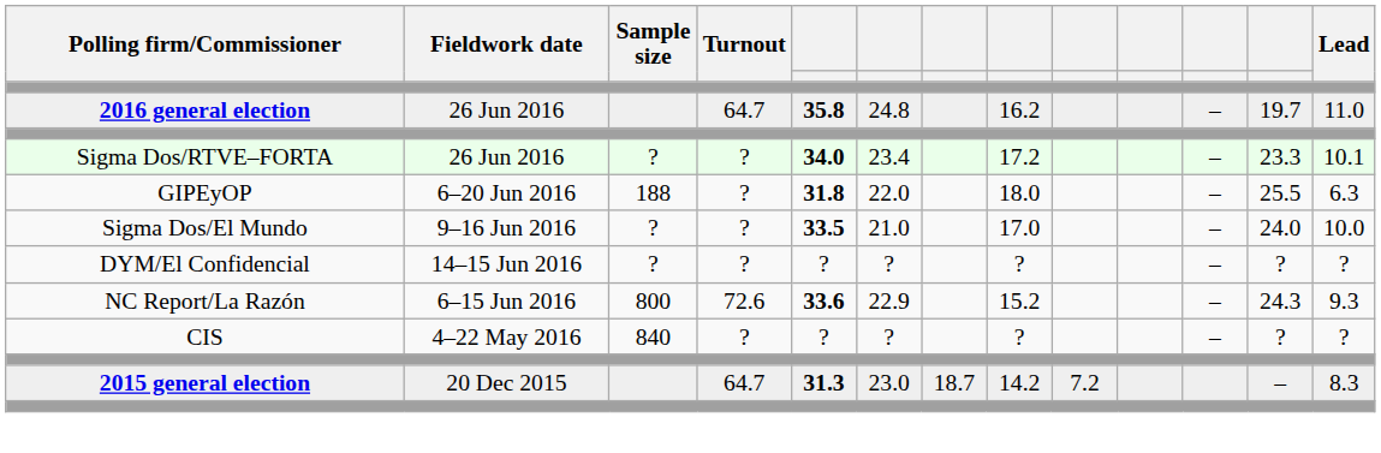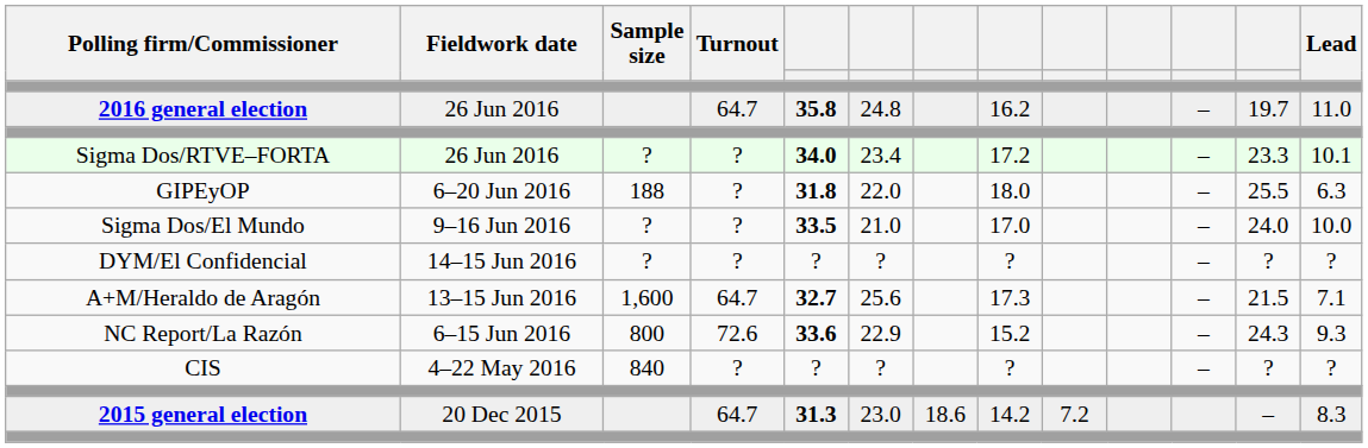 <table class="wikitable collapsible collapsed" style="text-align:center; font-size:95%; line-height:16px;">
 <tr style="height:42px; background-color:#E9E9E9">
 <th style="width:250px;" rowspan="2">Polling firm/Commissioner</th>
 <th style="width:125px;" rowspan="2">Fieldwork date</th>
 <th style="width:50px;" rowspan="2">Sample size</th>
 <th style="width:45px;" rowspan="2">Turnout</th>
 <th style="width:35px;"></th>
 <th style="width:35px;"></th>
 <th style="width:35px;"></th>
 <th style="width:35px;"></th>
 <th style="width:35px;"></th>
 <th style="width:35px;"></th>
 <th style="width:35px;"></th>
 <th style="width:35px;"></th>
 <th style="width:30px;" rowspan="2">Lead</th>
 </tr>
 <tr>
 <th style="color:inherit;background:"></th>
 <th style="color:inherit;background:"></th>
 <th style="color:inherit;background:"></th>
 <th style="color:inherit;background:"></th>
 <th style="color:inherit;background:"></th>
 <th style="color:inherit;background:"></th>
 <th style="color:inherit;background:"></th>
 <th style="color:inherit;background:"></th>
 </tr>
 <tr>
 <td colspan="13" style="background:#A0A0A0"></td>
 </tr>
 <tr style="background:#EFEFEF;">
 <td><strong><a href='#'>2016 general election</a></strong></td>
 <td>26 Jun 2016</td>
 <td></td>
 <td>64.7</td>
 <td><strong>35.8</strong><br></td>
 <td>24.8<br></td>
 <td></td>
 <td>16.2<br></td>
 <td></td>
 <td></td>
 <td>–</td>
 <td>19.7<br></td>
 <td style="background:">11.0</td>
 </tr>
 <tr>
 <td colspan="13" style="background:#A0A0A0"></td>
 </tr>
 <tr style="background:#EAFFEA;">
 <td>Sigma Dos/RTVE–FORTA</td>
 <td>26 Jun 2016</td>
 <td>?</td>
 <td>?</td>
 <td><strong>34.0</strong><br></td>
 <td>23.4<br></td>
 <td></td>
 <td>17.2<br></td>
 <td></td>
 <td></td>
 <td>–</td>
 <td>23.3<br></td>
 <td style="background:">10.1</td>
 </tr>
 <tr>
 <td>GIPEyOP</td>
 <td>6–20 Jun 2016</td>
 <td>188</td>
 <td>?</td>
 <td><strong>31.8</strong><br></td>
 <td>22.0<br></td>
 <td></td>
 <td>18.0<br></td>
 <td></td>
 <td></td>
 <td>–</td>
 <td>25.5<br></td>
 <td style="background:">6.3</td>
 </tr>
 <tr>
 <td>Sigma Dos/El Mundo</td>
 <td>9–16 Jun 2016</td>
 <td>?</td>
 <td>?</td>
 <td><strong>33.5</strong><br></td>
 <td>21.0<br></td>
 <td></td>
 <td>17.0<br></td>
 <td></td>
 <td></td>
 <td>–</td>
 <td>24.0<br></td>
 <td style="background:">10.0</td>
 </tr>
 <tr>
 <td>DYM/El Confidencial</td>
 <td>14–15 Jun 2016</td>
 <td>?</td>
 <td>?</td>
 <td>?<br></td>
 <td>?<br></td>
 <td></td>
 <td>?<br></td>
 <td></td>
 <td></td>
 <td>–</td>
 <td>?<br></td>
 <td style="background:">?</td>
 </tr>
 <tr>
+<td>A+M/Heraldo de Aragón</td>
+<td>13–15 Jun 2016</td>
+<td>1,600</td>
+<td>64.7</td>
+<td><strong>32.7</strong><br></td>
+<td>25.6<br></td>
+<td></td>
+<td>17.3<br></td>
+<td></td>
+<td></td>
+<td>–</td>
+<td>21.5<br></td>
+<td style="background:">7.1</td>
+</tr>
+<tr>
 <td>NC Report/La Razón</td>
 <td>6–15 Jun 2016</td>
 <td>800</td>
 <td>72.6</td>
 <td><strong>33.6</strong><br></td>
 <td>22.9<br></td>
 <td></td>
 <td>15.2<br></td>
 <td></td>
 <td></td>
 <td>–</td>
 <td>24.3<br></td>
 <td style="background:">9.3</td>
 </tr>
 <tr>
 <td>CIS</td>
 <td>4–22 May 2016</td>
 <td>840</td>
 <td>?</td>
 <td>?<br></td>
 <td>?<br></td>
 <td></td>
 <td>?<br></td>
 <td></td>
 <td></td>
 <td>–</td>
 <td>?<br></td>
 <td style="background:">?</td>
 </tr>
 <tr>
 <td colspan="13" style="background:#A0A0A0"></td>
 </tr>
 <tr style="background:#EFEFEF;">
 <td><strong><a href='#'>2015 general election</a></strong></td>
 <td>20 Dec 2015</td>
 <td></td>
 <td>64.7</td>
 <td><strong>31.3</strong><br></td>
 <td>23.0<br></td>
-<td>18.7<br></td>
+<td>18.6<br></td>
 <td>14.2<br></td>
 <td>7.2<br></td>
 <td></td>
 <td></td>
 <td>–</td>
 <td style="background:">8.3</td>
 </tr>
 <tr>
 <td colspan="13" style="background:#A0A0A0"></td>
 </tr>
 </table>
